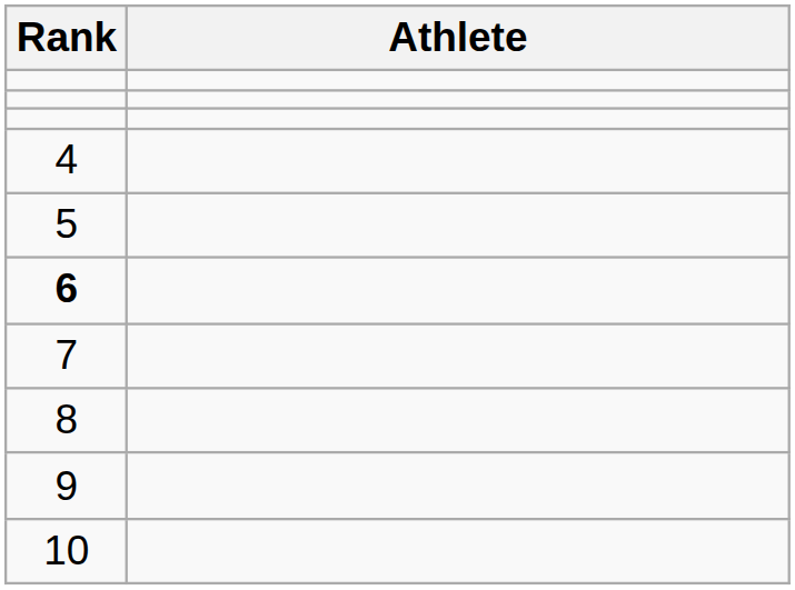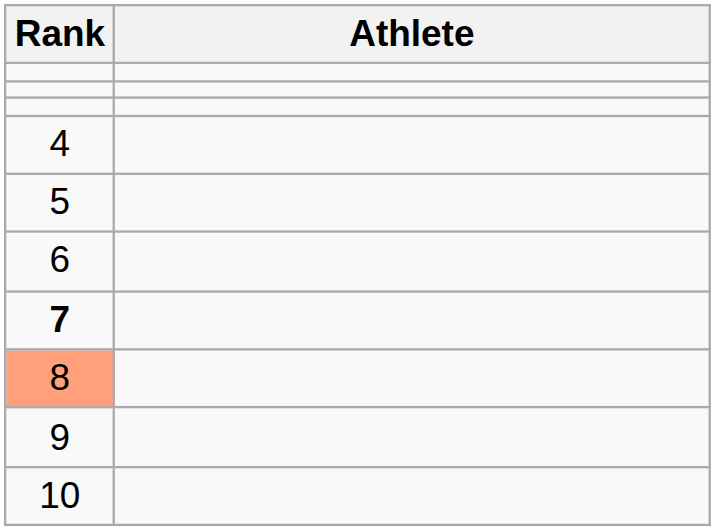 <table class="wikitable" style="text-align: center;">
 <tr>
 <th width=40>Rank</th>
 <th width=250>Athlete</th>
 </tr>
 <tr>
 <td></td>
 <td align="left"></td>
 </tr>
 <tr>
 <td></td>
 <td align="left"></td>
 </tr>
 <tr>
 <td></td>
 <td align="left"></td>
 </tr>
 <tr>
 <td>4</td>
 <td align="left"></td>
 </tr>
 <tr>
 <td>5</td>
 <td align="left"></td>
 </tr>
 <tr>
-<td><strong>6</strong></td>
+<td>6</td>
 <td align="left"></td>
 </tr>
 <tr>
-<td>7</td>
+<td><strong>7</strong></td>
 <td align="left"></td>
 </tr>
 <tr>
-<td>8</td>
+<td style="background: lightsalmon;">8</td>
 <td align="left"></td>
 </tr>
 <tr>
 <td>9</td>
 <td align="left"></td>
 </tr>
 <tr>
 <td>10</td>
 <td align="left"></td>
 </tr>
 </table>
